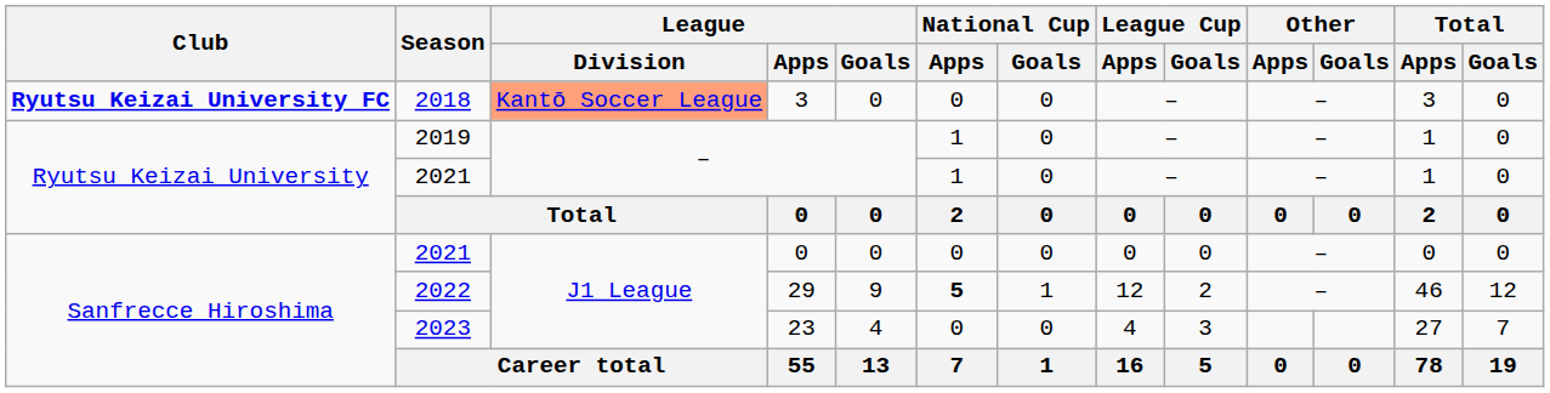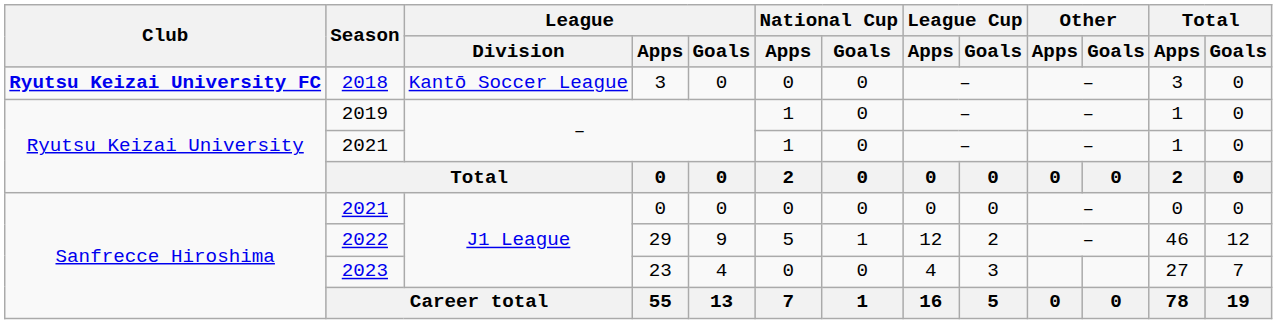 <table class="wikitable" style="text-align: center">
 <tr>
 <th rowspan="2">Club</th>
 <th rowspan="2">Season</th>
 <th colspan="3">League</th>
 <th colspan="2">National Cup</th>
 <th colspan="2">League Cup</th>
 <th colspan="2">Other</th>
 <th colspan="2">Total</th>
 </tr>
 <tr>
 <th>Division</th>
 <th>Apps</th>
 <th>Goals</th>
 <th>Apps</th>
 <th>Goals</th>
 <th>Apps</th>
 <th>Goals</th>
 <th>Apps</th>
 <th>Goals</th>
 <th>Apps</th>
 <th>Goals</th>
 </tr>
 <tr>
 <td><strong><a href='#'>Ryutsu Keizai University FC</a></strong></td>
 <td><a href='#'>2018</a></td>
-<td style="background: lightsalmon;"><a href='#'>Kantō Soccer League</a></td>
+<td><a href='#'>Kantō Soccer League</a></td>
 <td>3</td>
 <td>0</td>
 <td>0</td>
 <td>0</td>
 <td colspan="2">–</td>
 <td colspan="2">–</td>
 <td>3</td>
 <td>0</td>
 </tr>
 <tr>
 <td rowspan="3"><a href='#'>Ryutsu Keizai University</a></td>
 <td>2019</td>
 <td colspan="3" rowspan="2">–</td>
 <td>1</td>
 <td>0</td>
 <td colspan="2">–</td>
 <td colspan="2">–</td>
 <td>1</td>
 <td>0</td>
 </tr>
 <tr>
 <td>2021</td>
 <td>1</td>
 <td>0</td>
 <td colspan="2">–</td>
 <td colspan="2">–</td>
 <td>1</td>
 <td>0</td>
 </tr>
 <tr>
 <th colspan=2>Total</th>
 <th>0</th>
 <th>0</th>
 <th>2</th>
 <th>0</th>
 <th>0</th>
 <th>0</th>
 <th>0</th>
 <th>0</th>
 <th>2</th>
 <th>0</th>
 </tr>
 <tr>
 <td rowspan="4"><a href='#'>Sanfrecce Hiroshima</a></td>
 <td><a href='#'>2021</a></td>
 <td rowspan="3"><a href='#'>J1 League</a></td>
 <td>0</td>
 <td>0</td>
 <td>0</td>
 <td>0</td>
 <td>0</td>
 <td>0</td>
 <td colspan="2">–</td>
 <td>0</td>
 <td>0</td>
 </tr>
 <tr>
 <td><a href='#'>2022</a></td>
 <td>29</td>
 <td>9</td>
-<td><strong>5</strong></td>
+<td>5</td>
 <td>1</td>
 <td>12</td>
 <td>2</td>
 <td colspan="2">–</td>
 <td>46</td>
 <td>12</td>
 </tr>
 <tr>
 <td><a href='#'>2023</a></td>
 <td>23</td>
 <td>4</td>
 <td>0</td>
 <td>0</td>
 <td>4</td>
 <td>3</td>
 <td></td>
 <td></td>
 <td>27</td>
 <td>7</td>
 </tr>
 <tr>
 <th colspan="2">Career total</th>
 <th>55</th>
 <th>13</th>
 <th>7</th>
 <th>1</th>
 <th>16</th>
 <th>5</th>
 <th>0</th>
 <th>0</th>
 <th>78</th>
 <th>19</th>
 </tr>
 </table>
